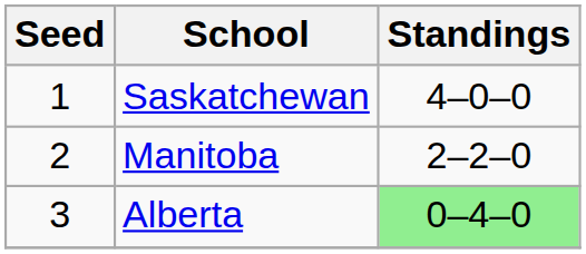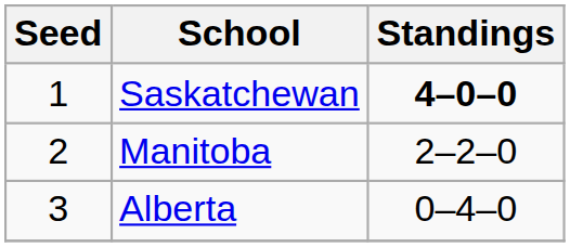 <table class="wikitable">
 <tr>
 <th>Seed</th>
 <th>School</th>
 <th>Standings</th>
 </tr>
 <tr>
 <td align=center>1</td>
 <td><a href='#'>Saskatchewan</a></td>
-<td align=center>4–0–0</td>
+<td align=center><strong>4–0–0</strong></td>
 </tr>
 <tr>
 <td align=center>2</td>
 <td><a href='#'>Manitoba</a></td>
 <td align=center>2–2–0</td>
 </tr>
 <tr>
 <td align=center>3</td>
 <td><a href='#'>Alberta</a></td>
-<td align=center style="background: lightgreen;">0–4–0</td>
+<td align=center>0–4–0</td>
 </tr>
 <tr>
 </tr>
 </table>
